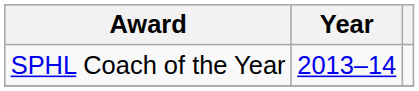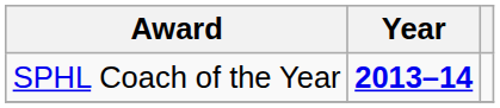 <table class="wikitable">
 <tr>
 <th>Award</th>
 <th>Year</th>
 <th></th>
 </tr>
 <tr>
 <td><a href='#'>SPHL</a> Coach of the Year</td>
-<td><a href='#'>2013–14</a></td>
+<td><strong><a href='#'>2013–14</a></strong></td>
 <td></td>
 </tr>
 <tr>
 </tr>
 </table>
